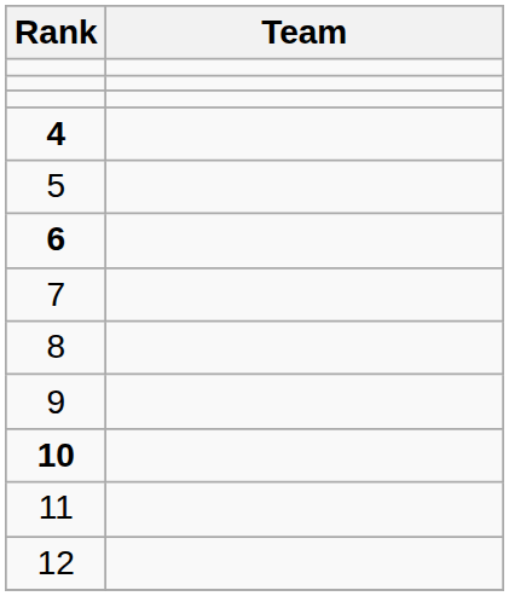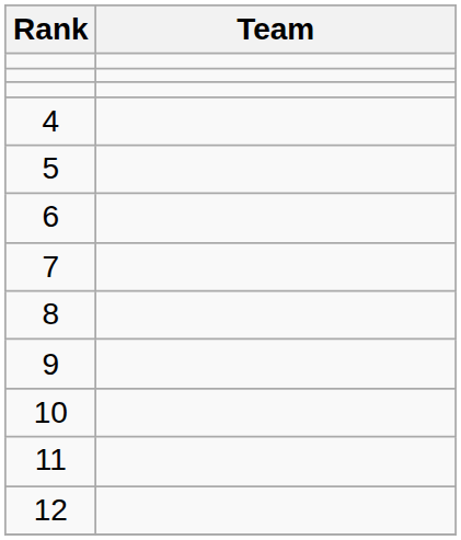 <table class="wikitable" style="text-align: center;">
 <tr>
 <th width=40>Rank</th>
 <th width=180>Team</th>
 </tr>
 <tr>
 <td></td>
 <td align=left></td>
 </tr>
 <tr>
 <td></td>
 <td align=left></td>
 </tr>
 <tr>
 <td></td>
 <td align=left></td>
 </tr>
 <tr>
-<td><strong>4</strong></td>
+<td>4</td>
 <td align=left></td>
 </tr>
 <tr>
 <td>5</td>
 <td align=left></td>
 </tr>
 <tr>
-<td><strong>6</strong></td>
+<td>6</td>
 <td align=left></td>
 </tr>
 <tr>
 <td>7</td>
 <td align=left></td>
 </tr>
 <tr>
 <td>8</td>
 <td align=left></td>
 </tr>
 <tr>
 <td>9</td>
 <td align=left></td>
 </tr>
 <tr>
-<td><strong>10</strong></td>
+<td>10</td>
 <td align=left></td>
 </tr>
 <tr>
 <td>11</td>
 <td align=left></td>
 </tr>
 <tr>
 <td>12</td>
 <td align=left></td>
 </tr>
 <tr>
 </tr>
 </table>
